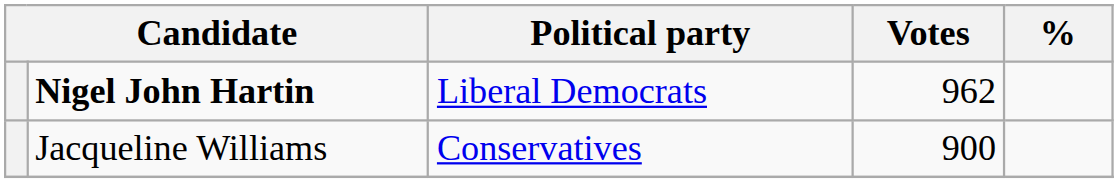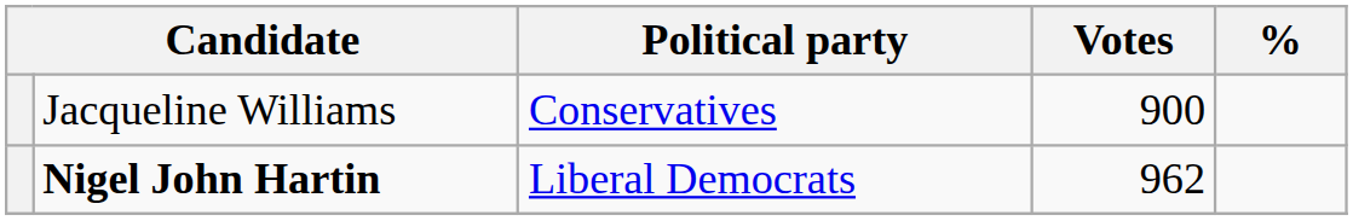 <table class="wikitable">
 <tr>
 <th valign=top colspan="2" style="width: 180px">Candidate</th>
 <th valign=top style="width: 180px">Political party</th>
 <th valign=top style="width: 60px">Votes</th>
 <th valign=top style="width: 40px">%</th>
 </tr>
 <tr>
 <th style="background-color: "></th>
+<td>Jacqueline Williams</td>
+<td><a href='#'>Conservatives</a></td>
+<td align="right">900</td>
+<td align="right"></td>
+</tr>
+<tr>
+<th style="background-color: "></th>
 <td><strong>Nigel John Hartin</strong></td>
 <td><a href='#'>Liberal Democrats</a></td>
 <td align="right">962</td>
 <td align="right"></td>
 </tr>
 <tr>
-<th style="background-color: "></th>
-<td>Jacqueline Williams</td>
-<td><a href='#'>Conservatives</a></td>
-<td align="right">900</td>
-<td align="right"></td>
-</tr>
-<tr>
 </tr>
 </table>
